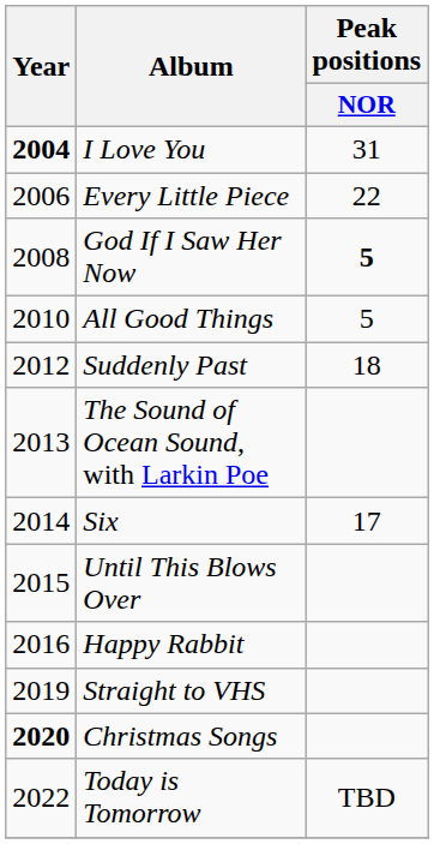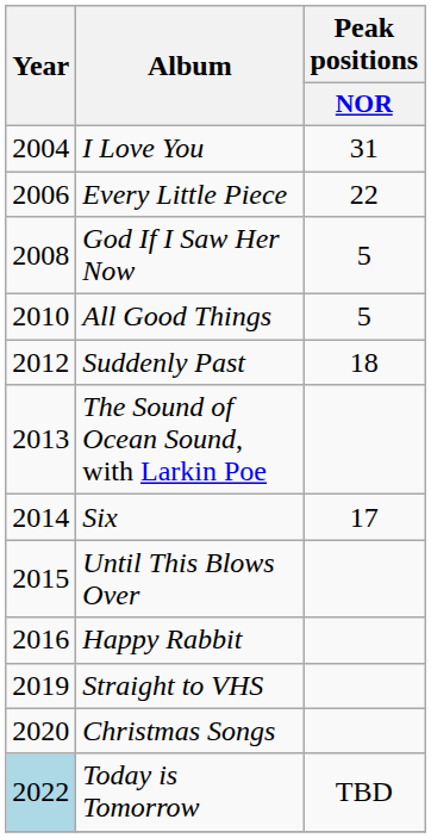 <table class="wikitable">
 <tr>
 <th align="center" rowspan="2" width="10">Year</th>
 <th align="center" rowspan="2" width="120">Album</th>
 <th align="center" colspan="1" width="20">Peak positions</th>
 </tr>
 <tr>
 <th scope="col" style="width:3em;font-size:90%;"><a href='#'>NOR</a><br></th>
 </tr>
 <tr>
-<td style="text-align:center;"><strong>2004</strong></td>
+<td style="text-align:center;">2004</td>
 <td><em>I Love You</em></td>
 <td style="text-align:center;">31</td>
 </tr>
 <tr>
 <td style="text-align:center;">2006</td>
 <td><em>Every Little Piece</em></td>
 <td style="text-align:center;">22</td>
 </tr>
 <tr>
 <td style="text-align:center;">2008</td>
 <td><em>God If I Saw Her Now</em></td>
-<td style="text-align:center;"><strong>5</strong></td>
+<td style="text-align:center;">5</td>
 </tr>
 <tr>
 <td style="text-align:center;">2010</td>
 <td><em>All Good Things</em></td>
 <td style="text-align:center;">5</td>
 </tr>
 <tr>
 <td style="text-align:center;">2012</td>
 <td><em>Suddenly Past</em></td>
 <td style="text-align:center;">18</td>
 </tr>
 <tr>
 <td style="text-align:center;">2013</td>
 <td><em>The Sound of Ocean Sound</em>, with <a href='#'>Larkin Poe</a></td>
 <td style="text-align:center;"></td>
 </tr>
 <tr>
 <td style="text-align:center;">2014</td>
 <td><em>Six</em></td>
 <td style="text-align:center;">17</td>
 </tr>
 <tr>
 <td style="text-align:center;">2015</td>
 <td><em>Until This Blows Over</em></td>
 <td style="text-align:center;"></td>
 </tr>
 <tr>
 <td style="text-align:center;">2016</td>
 <td><em>Happy Rabbit</em></td>
 <td style="text-align:center;"></td>
 </tr>
 <tr>
 <td style="text-align:center;">2019</td>
 <td><em>Straight to VHS</em></td>
 <td style="text-align:center;"></td>
 </tr>
 <tr>
-<td style="text-align:center;"><strong>2020</strong></td>
+<td style="text-align:center;">2020</td>
 <td><em>Christmas Songs</em></td>
 <td style="text-align:center;"></td>
 </tr>
 <tr>
-<td style="text-align:center;">2022</td>
+<td style="background: lightblue; text-align:center;">2022</td>
 <td><em>Today is Tomorrow</em></td>
 <td style="text-align:center;">TBD</td>
 </tr>
 <tr>
 </tr>
 </table>
